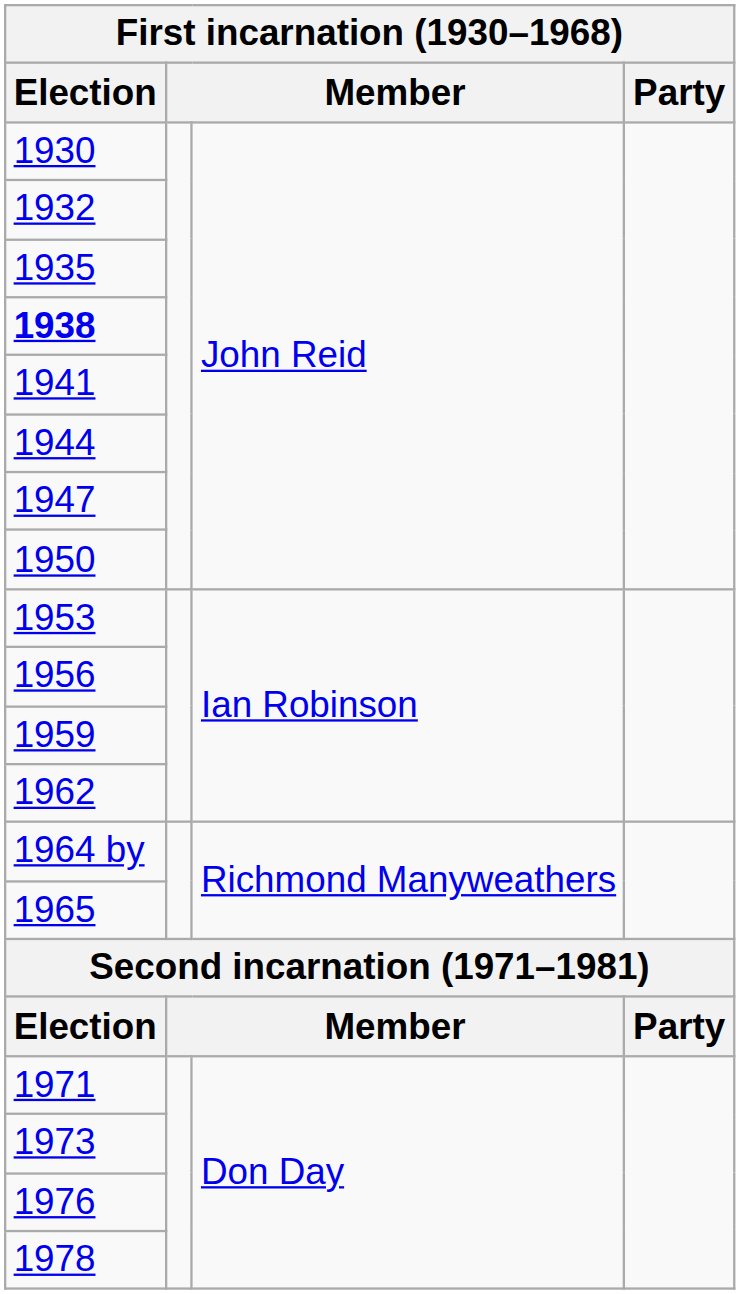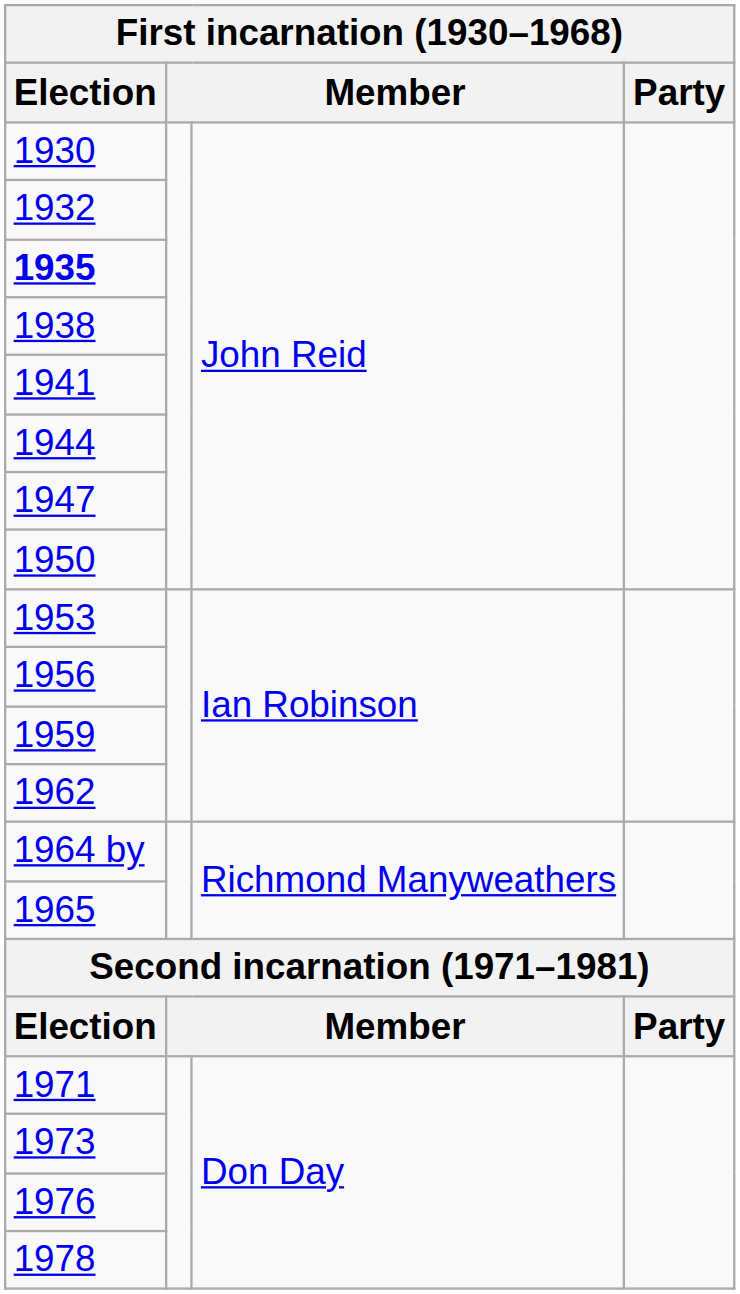 <table class="wikitable">
 <tr>
 <th colspan="5">First incarnation (1930–1968)</th>
 </tr>
 <tr>
 <th>Election</th>
 <th colspan="2">Member</th>
 <th>Party</th>
 </tr>
 <tr>
 <td><a href='#'>1930</a></td>
 <td rowspan="8" > </td>
 <td rowspan="8"><a href='#'>John Reid</a></td>
 <td rowspan="8"></td>
 </tr>
 <tr>
 <td><a href='#'>1932</a></td>
 </tr>
 <tr>
-<td><a href='#'>1935</a></td>
+<td><strong><a href='#'>1935</a></strong></td>
 </tr>
 <tr>
-<td><strong><a href='#'>1938</a></strong></td>
+<td><a href='#'>1938</a></td>
 </tr>
 <tr>
 <td><a href='#'>1941</a></td>
 </tr>
 <tr>
 <td><a href='#'>1944</a></td>
 </tr>
 <tr>
 <td><a href='#'>1947</a></td>
 </tr>
 <tr>
 <td><a href='#'>1950</a></td>
 </tr>
 <tr>
 <td><a href='#'>1953</a></td>
 <td rowspan="4" > </td>
 <td rowspan="4"><a href='#'>Ian Robinson</a></td>
 <td rowspan="4"></td>
 </tr>
 <tr>
 <td><a href='#'>1956</a></td>
 </tr>
 <tr>
 <td><a href='#'>1959</a></td>
 </tr>
 <tr>
 <td><a href='#'>1962</a></td>
 </tr>
 <tr>
 <td><a href='#'>1964 by</a></td>
 <td rowspan="2" > </td>
 <td rowspan="2"><a href='#'>Richmond Manyweathers</a></td>
 <td rowspan="2"></td>
 </tr>
 <tr>
 <td><a href='#'>1965</a></td>
 </tr>
 <tr>
 <th colspan="5">Second incarnation (1971–1981)</th>
 </tr>
 <tr>
 <th>Election</th>
 <th colspan="2">Member</th>
 <th>Party</th>
 </tr>
 <tr>
 <td><a href='#'>1971</a></td>
 <td rowspan="4" > </td>
 <td rowspan="4"><a href='#'>Don Day</a></td>
 <td rowspan="4"></td>
 </tr>
 <tr>
 <td><a href='#'>1973</a></td>
 </tr>
 <tr>
 <td><a href='#'>1976</a></td>
 </tr>
 <tr>
 <td><a href='#'>1978</a></td>
 </tr>
 </table>
